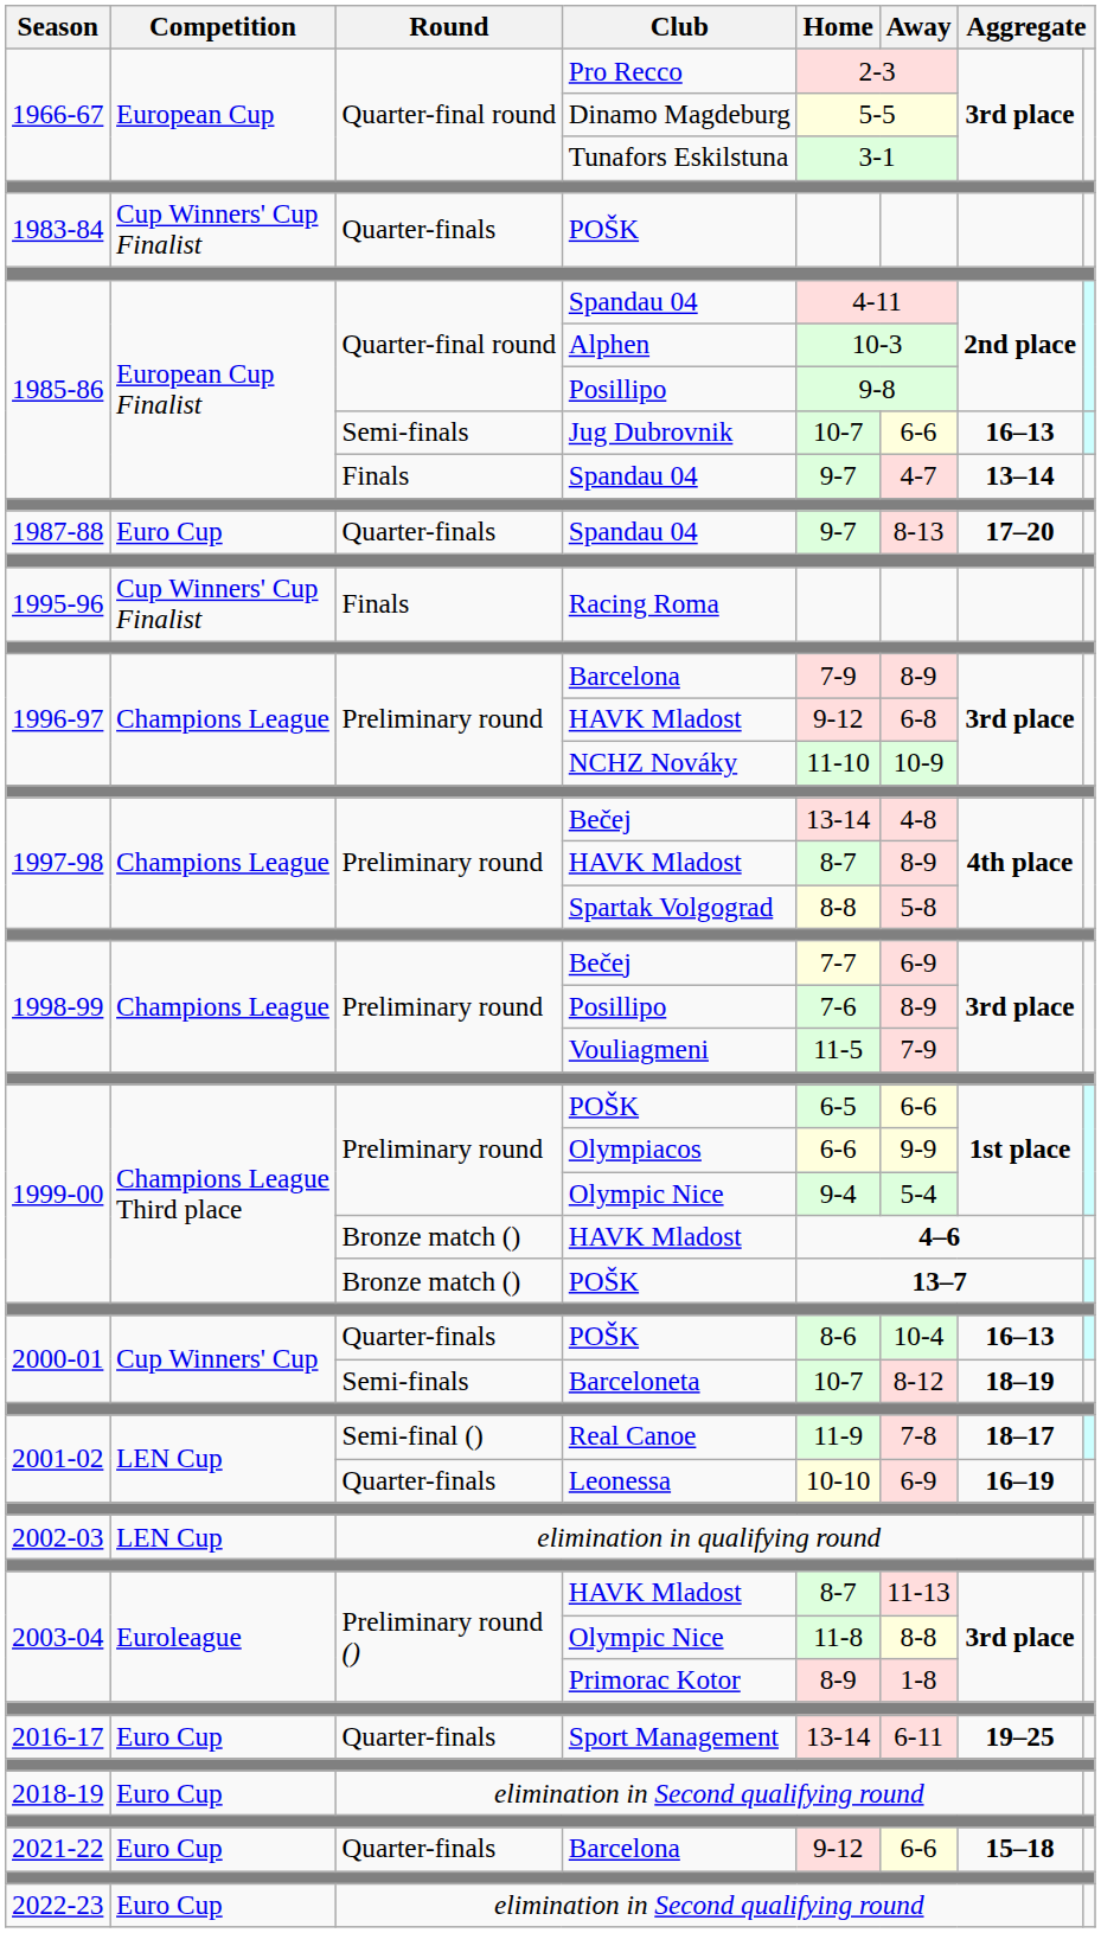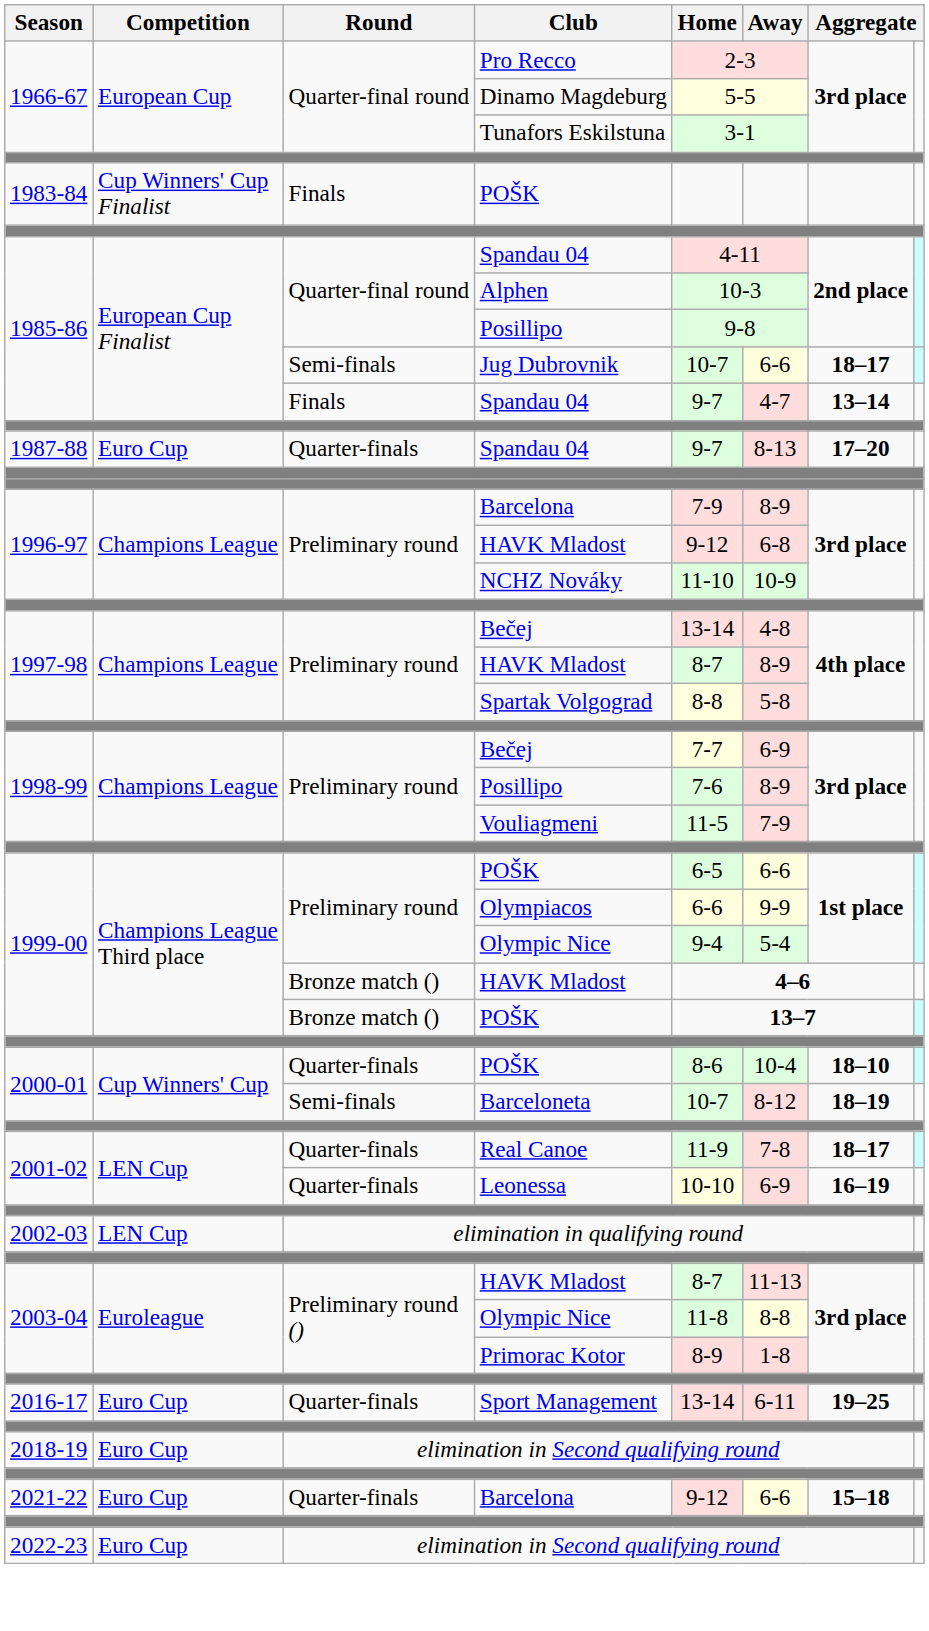 <table class="wikitable collapsible collapsed" align="center" style="text-align:left;">
 <tr>
 <th>Season</th>
 <th>Competition</th>
 <th>Round</th>
 <th>Club</th>
 <th>Home</th>
 <th>Away</th>
 <th colspan=2>Aggregate</th>
 </tr>
 <tr>
 <td rowspan=3><a href='#'>1966-67</a></td>
 <td rowspan=3><a href='#'>European Cup</a></td>
 <td rowspan=3>Quarter-final round</td>
 <td> <a href='#'>Pro Recco</a></td>
 <td colspan=2; style="text-align:center; background:#fdd;">2-3</td>
 <td align=center rowspan=3><strong>3rd place</strong></td>
 <td align="center" rowspan=3></td>
 </tr>
 <tr>
 <td> Dinamo Magdeburg</td>
 <td colspan=2; style="text-align:center; background:#ffd;">5-5</td>
 </tr>
 <tr>
 <td> Tunafors Eskilstuna</td>
 <td colspan=2; style="text-align:center; background:#dfd;">3-1</td>
 </tr>
 <tr>
 <td colspan=8 style="text-align: center;" bgcolor=grey></td>
 </tr>
 <tr>
 <td rowspan=1><a href='#'>1983-84</a></td>
 <td rowspan=1><a href='#'>Cup Winners' Cup</a><br> <em>Finalist</em></td>
-<td>Quarter-finals</td>
+<td>Finals</td>
 <td> <a href='#'>POŠK</a></td>
 <td></td>
 <td></td>
 <td style="text-align:center;"></td>
 <td align="center"></td>
 </tr>
 <tr>
 <td colspan=8 style="text-align: center;" bgcolor=grey></td>
 </tr>
 <tr>
 <td rowspan=5><a href='#'>1985-86</a></td>
 <td rowspan=5><a href='#'>European Cup</a><br> <em>Finalist</em></td>
 <td rowspan=3>Quarter-final round</td>
 <td> <a href='#'>Spandau 04</a></td>
 <td colspan=2; style="text-align:center; background:#fdd;">4-11</td>
 <td align=center rowspan=3><strong>2nd place</strong></td>
 <td style="background-color:#CFF" align="center" rowspan=3></td>
 </tr>
 <tr>
 <td> <a href='#'>Alphen</a></td>
 <td colspan=2; style="text-align:center; background:#dfd;">10-3</td>
 </tr>
 <tr>
 <td> <a href='#'>Posillipo</a></td>
 <td colspan=2; style="text-align:center; background:#dfd;">9-8</td>
 </tr>
 <tr>
 <td>Semi-finals</td>
 <td> <a href='#'>Jug Dubrovnik</a></td>
 <td style="text-align:center; background:#dfd;">10-7</td>
 <td style="text-align:center; background:#ffd;">6-6</td>
-<td style="text-align:center;"><strong>16–13</strong></td>
+<td style="text-align:center;"><strong>18–17</strong></td>
 <td style="background-color:#CFF" align="center"></td>
 </tr>
 <tr>
 <td>Finals</td>
 <td> <a href='#'>Spandau 04</a></td>
 <td style="text-align:center; background:#dfd;">9-7</td>
 <td style="text-align:center; background:#fdd;">4-7</td>
 <td style="text-align:center;"><strong>13–14</strong></td>
 <td align="center"></td>
 </tr>
 <tr>
 <td colspan=8 style="text-align: center;" bgcolor=grey></td>
 </tr>
 <tr>
 <td rowspan=1><a href='#'>1987-88</a></td>
 <td rowspan=1><a href='#'>Euro Cup</a></td>
 <td>Quarter-finals</td>
 <td> <a href='#'>Spandau 04</a></td>
 <td style="text-align:center; background:#dfd;">9-7</td>
 <td style="text-align:center; background:#fdd;">8-13</td>
 <td style="text-align:center;"><strong>17–20</strong></td>
 <td align="center"></td>
 </tr>
 <tr>
 <td colspan=8 style="text-align: center;" bgcolor=grey></td>
-</tr>
-<tr>
-<td rowspan=1><a href='#'>1995-96</a></td>
-<td rowspan=1><a href='#'>Cup Winners' Cup</a><br> <em>Finalist</em></td>
-<td>Finals</td>
-<td> <a href='#'>Racing Roma</a></td>
-<td></td>
-<td></td>
-<td style="text-align:center;"></td>
-<td align="center"></td>
 </tr>
 <tr>
 <td colspan=8 style="text-align: center;" bgcolor=grey></td>
 </tr>
 <tr>
 <td rowspan=3><a href='#'>1996-97</a></td>
 <td rowspan=3><a href='#'>Champions League</a></td>
 <td rowspan=3>Preliminary round<br><em></em></td>
 <td> <a href='#'>Barcelona</a></td>
 <td style="text-align:center; background:#fdd;">7-9</td>
 <td style="text-align:center; background:#fdd;">8-9</td>
 <td align=center rowspan=3><strong>3rd place</strong></td>
 <td align="center" rowspan=3></td>
 </tr>
 <tr>
 <td> <a href='#'>HAVK Mladost</a></td>
 <td style="text-align:center; background:#fdd;">9-12</td>
 <td style="text-align:center; background:#fdd;">6-8</td>
 </tr>
 <tr>
 <td> <a href='#'>NCHZ Nováky</a></td>
 <td style="text-align:center; background:#dfd;">11-10</td>
 <td style="text-align:center; background:#dfd;">10-9</td>
 </tr>
 <tr>
 <td colspan=8 style="text-align: center;" bgcolor=grey></td>
 </tr>
 <tr>
 <td rowspan=3><a href='#'>1997-98</a></td>
 <td rowspan=3><a href='#'>Champions League</a></td>
 <td rowspan=3>Preliminary round<br><em></em></td>
 <td> <a href='#'>Bečej</a></td>
 <td style="text-align:center; background:#fdd;">13-14</td>
 <td style="text-align:center; background:#fdd;">4-8</td>
 <td align=center rowspan=3><strong>4th place</strong></td>
 <td align="center" rowspan=3></td>
 </tr>
 <tr>
 <td> <a href='#'>HAVK Mladost</a></td>
 <td style="text-align:center; background:#dfd;">8-7</td>
 <td style="text-align:center; background:#fdd;">8-9</td>
 </tr>
 <tr>
 <td> <a href='#'>Spartak Volgograd</a></td>
 <td style="text-align:center; background:#ffd;">8-8</td>
 <td style="text-align:center; background:#fdd;">5-8</td>
 </tr>
 <tr>
 <td colspan=8 style="text-align: center;" bgcolor=grey></td>
 </tr>
 <tr>
 <td rowspan=3><a href='#'>1998-99</a></td>
 <td rowspan=3><a href='#'>Champions League</a></td>
 <td rowspan=3>Preliminary round<br><em></em></td>
 <td> <a href='#'>Bečej</a></td>
 <td style="text-align:center; background:#ffd;">7-7</td>
 <td style="text-align:center; background:#fdd;">6-9</td>
 <td align=center rowspan=3><strong>3rd place</strong></td>
 <td align="center" rowspan=3></td>
 </tr>
 <tr>
 <td> <a href='#'>Posillipo</a></td>
 <td style="text-align:center; background:#dfd;">7-6</td>
 <td style="text-align:center; background:#fdd;">8-9</td>
 </tr>
 <tr>
 <td> <a href='#'>Vouliagmeni</a></td>
 <td style="text-align:center; background:#dfd;">11-5</td>
 <td style="text-align:center; background:#fdd;">7-9</td>
 </tr>
 <tr>
 <td colspan=8 style="text-align: center;" bgcolor=grey></td>
 </tr>
 <tr>
 <td rowspan=5><a href='#'>1999-00</a></td>
 <td rowspan=5><a href='#'>Champions League</a><br> Third place</td>
 <td rowspan=3>Preliminary round<br><em></em></td>
 <td> <a href='#'>POŠK</a></td>
 <td style="text-align:center; background:#dfd;">6-5</td>
 <td style="text-align:center; background:#ffd;">6-6</td>
 <td align=center rowspan=3><strong>1st place</strong></td>
 <td style="background-color:#CFF" align="center" rowspan=3></td>
 </tr>
 <tr>
 <td> <a href='#'>Olympiacos</a></td>
 <td style="text-align:center; background:#ffd;">6-6</td>
 <td style="text-align:center; background:#ffd;">9-9</td>
 </tr>
 <tr>
 <td> <a href='#'>Olympic Nice</a></td>
 <td style="text-align:center; background:#dfd;">9-4</td>
 <td style="text-align:center; background:#dfd;">5-4</td>
 </tr>
 <tr>
 <td>Bronze match ()</td>
 <td> <a href='#'>HAVK Mladost</a></td>
 <td colspan=3; style="text-align:center"><strong>4–6</strong></td>
 <td align="center"></td>
 </tr>
 <tr>
 <td>Bronze match ()</td>
 <td> <a href='#'>POŠK</a></td>
 <td colspan=3; style="text-align:center"><strong>13–7</strong></td>
 <td style="background-color:#CFF" align="center"></td>
 </tr>
 <tr>
 <td colspan=8 style="text-align: center;" bgcolor=grey></td>
 </tr>
 <tr>
 <td rowspan=2><a href='#'>2000-01</a></td>
 <td rowspan=2><a href='#'>Cup Winners' Cup</a></td>
 <td>Quarter-finals</td>
 <td> <a href='#'>POŠK</a></td>
 <td style="text-align:center; background:#dfd;">8-6</td>
 <td style="text-align:center; background:#dfd;">10-4</td>
-<td style="text-align:center;"><strong>16–13</strong></td>
+<td style="text-align:center;"><strong>18–10</strong></td>
 <td style="background-color:#CFF" align="center"></td>
 </tr>
 <tr>
 <td>Semi-finals</td>
 <td> <a href='#'>Barceloneta</a></td>
 <td style="text-align:center; background:#dfd;">10-7</td>
 <td style="text-align:center; background:#fdd;">8-12</td>
 <td style="text-align:center;"><strong>18–19</strong></td>
 <td align="center"></td>
 </tr>
 <tr>
 <td colspan=8 style="text-align: center;" bgcolor=grey></td>
 </tr>
 <tr>
 <td rowspan=2><a href='#'>2001-02</a></td>
 <td rowspan=2><a href='#'>LEN Cup</a></td>
-<td>Semi-final ()</td>
+<td>Quarter-finals</td>
 <td> <a href='#'>Real Canoe</a></td>
 <td style="text-align:center; background:#dfd;">11-9</td>
 <td style="text-align:center; background:#fdd;">7-8</td>
 <td style="text-align:center;"><strong>18–17</strong></td>
 <td style="background-color:#CFF" align="center"></td>
 </tr>
 <tr>
 <td>Quarter-finals</td>
 <td> <a href='#'>Leonessa</a></td>
 <td style="text-align:center; background:#ffd;">10-10</td>
 <td style="text-align:center; background:#fdd;">6-9</td>
 <td style="text-align:center;"><strong>16–19</strong></td>
 <td align="center"></td>
 </tr>
 <tr>
 <td colspan=8 style="text-align: center;" bgcolor=grey></td>
 </tr>
 <tr>
 <td rowspan=1><a href='#'>2002-03</a></td>
 <td rowspan=1><a href='#'>LEN Cup</a></td>
 <td colspan=5; align="center"><em>elimination in qualifying round</em></td>
 <td align="center"></td>
 </tr>
 <tr>
 <td colspan=8 style="text-align: center;" bgcolor=grey></td>
 </tr>
 <tr>
 <td rowspan=3><a href='#'>2003-04</a></td>
 <td rowspan=3><a href='#'>Euroleague</a></td>
 <td rowspan=3>Preliminary round<br><em>()</em></td>
 <td> <a href='#'>HAVK Mladost</a></td>
 <td style="text-align:center; background:#dfd;">8-7</td>
 <td style="text-align:center; background:#fdd;">11-13</td>
 <td align=center rowspan=3><strong>3rd place</strong></td>
 <td align="center" rowspan=3></td>
 </tr>
 <tr>
 <td> <a href='#'>Olympic Nice</a></td>
 <td style="text-align:center; background:#dfd;">11-8</td>
 <td style="text-align:center; background:#ffd;">8-8</td>
 </tr>
 <tr>
 <td> <a href='#'>Primorac Kotor</a></td>
 <td style="text-align:center; background:#fdd;">8-9</td>
 <td style="text-align:center; background:#fdd;">1-8</td>
 </tr>
 <tr>
 <td colspan=8 style="text-align: center;" bgcolor=grey></td>
 </tr>
 <tr>
 <td rowspan=1><a href='#'>2016-17</a></td>
 <td rowspan=1><a href='#'>Euro Cup</a></td>
 <td>Quarter-finals</td>
 <td> <a href='#'>Sport Management</a></td>
 <td style="text-align:center; background:#fdd;">13-14</td>
 <td style="text-align:center; background:#fdd;">6-11</td>
 <td style="text-align:center;"><strong>19–25</strong></td>
 <td align="center"></td>
 </tr>
 <tr>
 <td colspan=8 style="text-align: center;" bgcolor=grey></td>
 </tr>
 <tr>
 <td rowspan=1><a href='#'>2018-19</a></td>
 <td rowspan=1><a href='#'>Euro Cup</a></td>
 <td colspan=5; align="center"><em>elimination in <a href='#'>Second qualifying round</a></em></td>
 <td align="center"></td>
 </tr>
 <tr>
 <td colspan=8 style="text-align: center;" bgcolor=grey></td>
 </tr>
 <tr>
 <td rowspan=1><a href='#'>2021-22</a></td>
 <td rowspan=1><a href='#'>Euro Cup</a></td>
 <td>Quarter-finals</td>
 <td> <a href='#'>Barcelona</a></td>
 <td style="text-align:center; background:#fdd;">9-12</td>
 <td style="text-align:center; background:#ffd;">6-6</td>
 <td style="text-align:center;"><strong>15–18</strong></td>
 <td align="center"></td>
 </tr>
 <tr>
 <td colspan=8 style="text-align: center;" bgcolor=grey></td>
 </tr>
 <tr>
 <td rowspan=1><a href='#'>2022-23</a></td>
 <td rowspan=1><a href='#'>Euro Cup</a></td>
 <td colspan=5; align="center"><em>elimination in <a href='#'>Second qualifying round</a></em></td>
 <td align="center"></td>
 </tr>
 </table>
